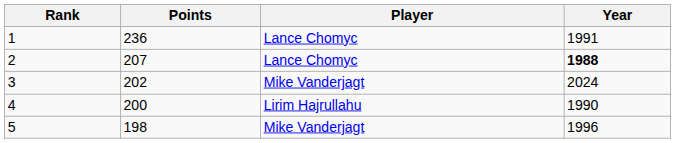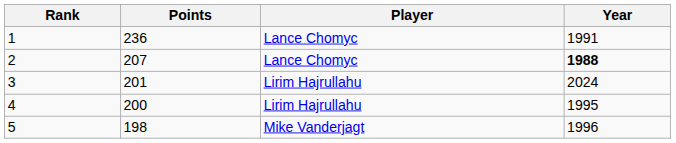 <table class="wikitable" style="width:60%;">
 <tr>
 <th>Rank</th>
 <th>Points</th>
 <th>Player</th>
 <th>Year</th>
 </tr>
 <tr>
 <td>1</td>
 <td>236</td>
 <td><a href='#'>Lance Chomyc</a></td>
 <td>1991</td>
 </tr>
 <tr>
 <td>2</td>
 <td>207</td>
 <td><a href='#'>Lance Chomyc</a></td>
 <td><strong>1988</strong></td>
 </tr>
 <tr>
 <td>3</td>
-<td>202</td>
-<td><a href='#'>Mike Vanderjagt</a></td>
+<td>201</td>
+<td><a href='#'>Lirim Hajrullahu</a></td>
 <td>2024</td>
 </tr>
 <tr>
 <td>4</td>
 <td>200</td>
 <td><a href='#'>Lirim Hajrullahu</a></td>
-<td>1990</td>
+<td>1995</td>
 </tr>
 <tr>
 <td>5</td>
 <td>198</td>
 <td><a href='#'>Mike Vanderjagt</a></td>
 <td>1996</td>
 </tr>
 </table>
